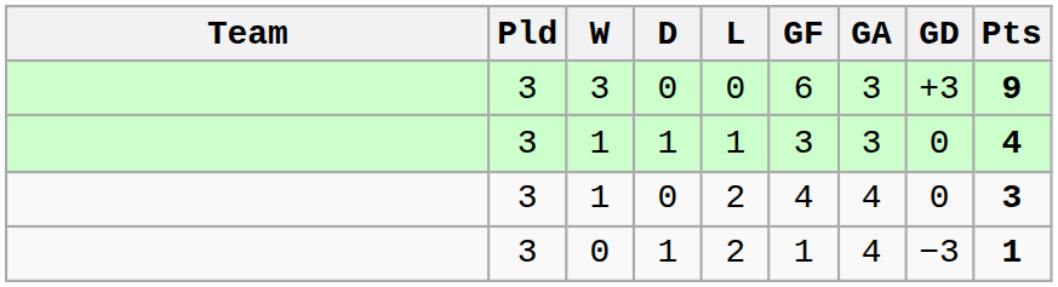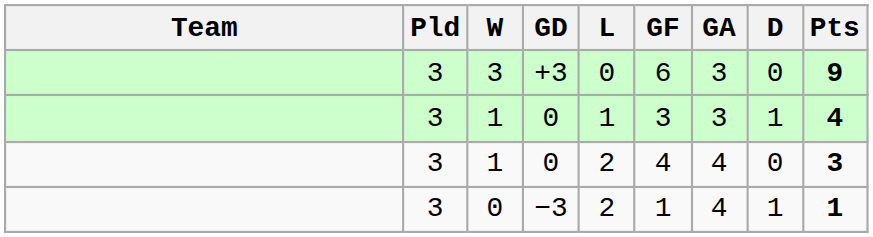 <table class="wikitable" style="text-align:center;">
 <tr>
 <th width=180>Team</th>
 <th width=20>Pld</th>
 <th width=20>W</th>
-<th width=20>D</th>
+<th width=20>GD</th>
 <th width=20>L</th>
 <th width=20>GF</th>
 <th width=20>GA</th>
-<th width=20>GD</th>
+<th width=20>D</th>
 <th width=20>Pts</th>
 </tr>
 <tr bgcolor=ccffcc>
 <td align="left"></td>
 <td>3</td>
 <td>3</td>
-<td>0</td>
+<td>+3</td>
 <td>0</td>
 <td>6</td>
 <td>3</td>
-<td>+3</td>
+<td>0</td>
 <td><strong>9</strong></td>
 </tr>
 <tr bgcolor=ccffcc>
 <td align="left"></td>
 <td>3</td>
 <td>1</td>
-<td>1</td>
+<td>0</td>
 <td>1</td>
 <td>3</td>
 <td>3</td>
-<td>0</td>
+<td>1</td>
 <td><strong>4</strong></td>
 </tr>
 <tr>
 <td align="left"></td>
 <td>3</td>
 <td>1</td>
 <td>0</td>
 <td>2</td>
 <td>4</td>
 <td>4</td>
 <td>0</td>
 <td><strong>3</strong></td>
 </tr>
 <tr>
 <td align="left"><em></em></td>
 <td>3</td>
 <td>0</td>
-<td>1</td>
+<td>−3</td>
 <td>2</td>
 <td>1</td>
 <td>4</td>
-<td>−3</td>
+<td>1</td>
 <td><strong>1</strong></td>
 </tr>
 </table>
